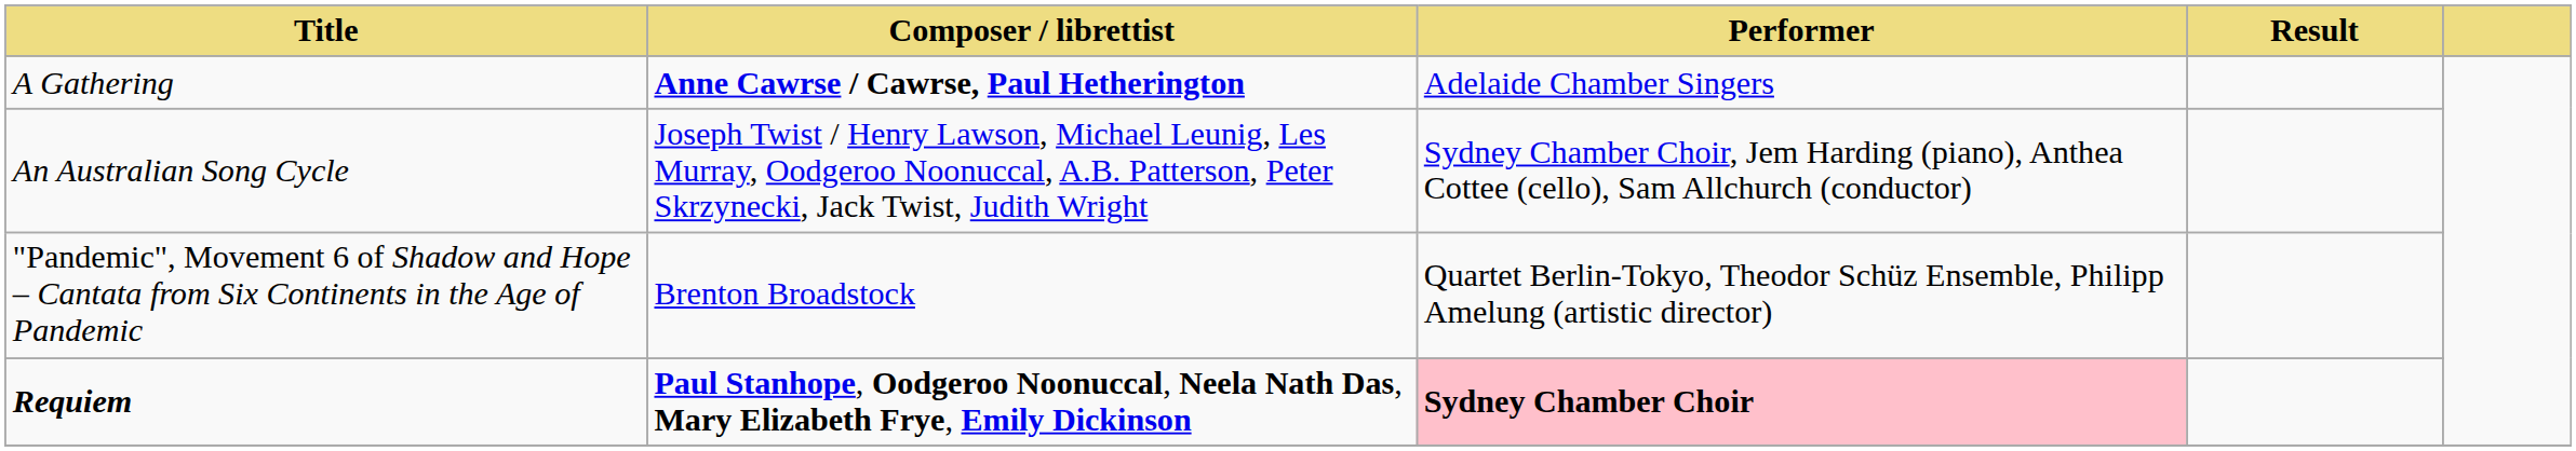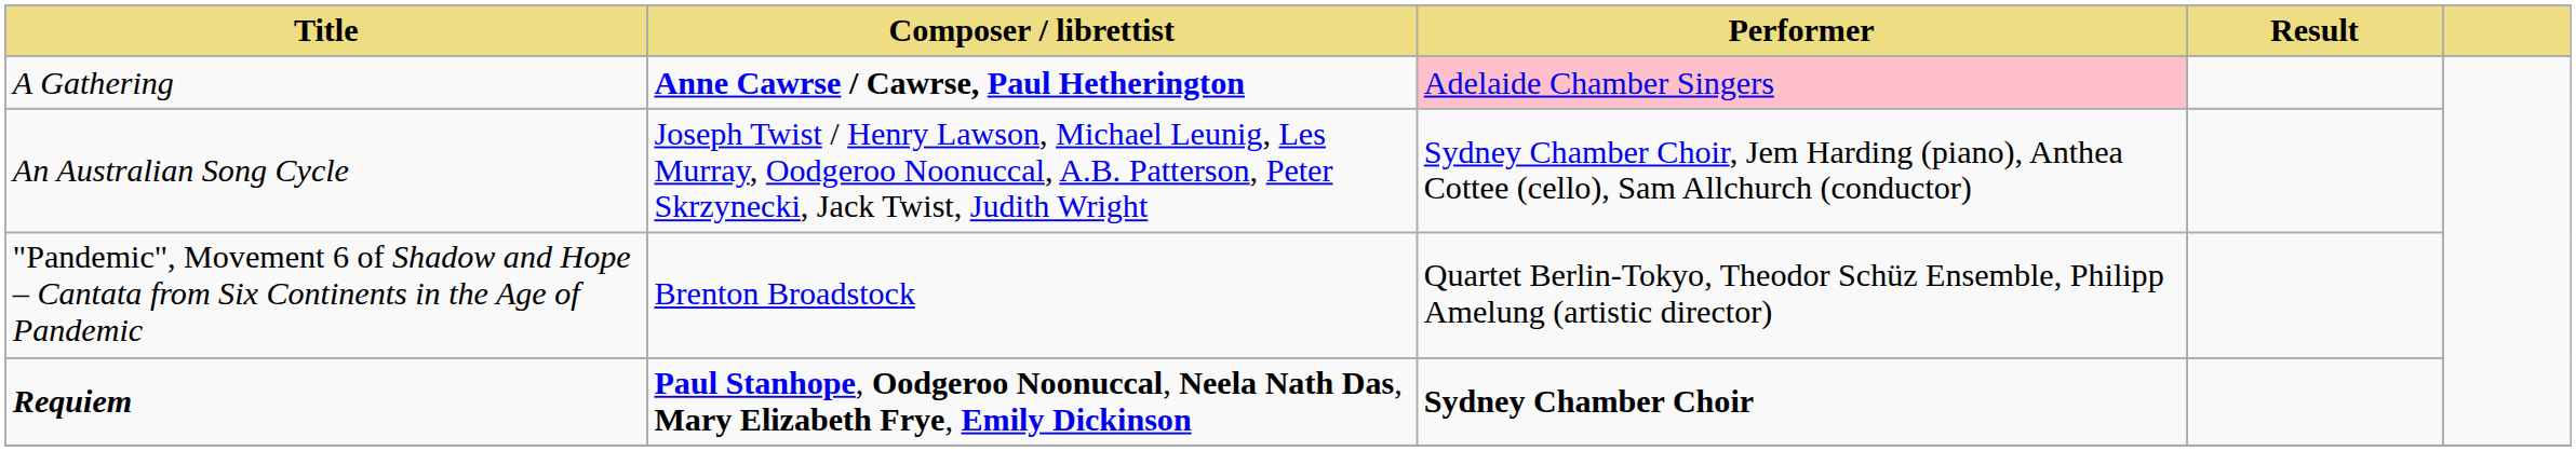 <table class="wikitable" width=100%>
 <tr>
 <th style="width:25%;background:#EEDD82;">Title</th>
 <th style="width:30%;background:#EEDD82;">Composer / librettist</th>
 <th style="width:30%;background:#EEDD82;">Performer</th>
 <th style="width:10%;background:#EEDD82;">Result</th>
 <th style="width:5%;background:#EEDD82;"></th>
 </tr>
 <tr>
 <td><em>A Gathering</em></td>
 <td><strong><a href='#'>Anne Cawrse</a> / Cawrse, <a href='#'>Paul Hetherington</a></strong></td>
-<td><a href='#'>Adelaide Chamber Singers</a></td>
+<td style="background: pink;"><a href='#'>Adelaide Chamber Singers</a></td>
 <td></td>
 <td rowspan="4"></td>
 </tr>
 <tr>
 <td><em>An Australian Song Cycle</em></td>
 <td><a href='#'>Joseph Twist</a> / <a href='#'>Henry Lawson</a>, <a href='#'>Michael Leunig</a>, <a href='#'>Les Murray</a>, <a href='#'>Oodgeroo Noonuccal</a>, <a href='#'>A.B. Patterson</a>, <a href='#'>Peter Skrzynecki</a>, Jack Twist, <a href='#'>Judith Wright</a></td>
 <td><a href='#'>Sydney Chamber Choir</a>, Jem Harding (piano), Anthea Cottee (cello), Sam Allchurch (conductor)</td>
 <td></td>
 </tr>
 <tr>
 <td>"Pandemic", Movement 6 of <em>Shadow and Hope – Cantata from Six Continents in the Age of Pandemic</em></td>
 <td><a href='#'>Brenton Broadstock</a></td>
 <td>Quartet Berlin-Tokyo, Theodor Schüz Ensemble, Philipp Amelung (artistic director)</td>
 <td></td>
 </tr>
 <tr>
 <td><strong><em>Requiem</em></strong></td>
 <td><strong><a href='#'>Paul Stanhope</a></strong>, <strong>Oodgeroo Noonuccal</strong>, <strong>Neela Nath Das</strong>, <strong>Mary Elizabeth Frye</strong>, <strong><a href='#'>Emily Dickinson</a></strong></td>
-<td style="background: pink;"><strong>Sydney Chamber Choir</strong></td>
+<td><strong>Sydney Chamber Choir</strong></td>
 <td></td>
 </tr>
 <tr>
 </tr>
 </table>
